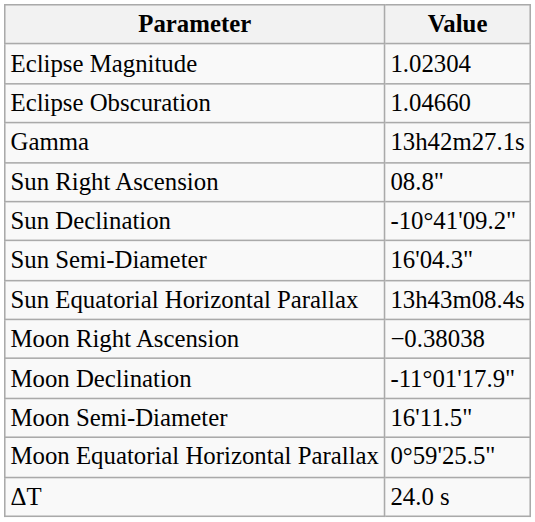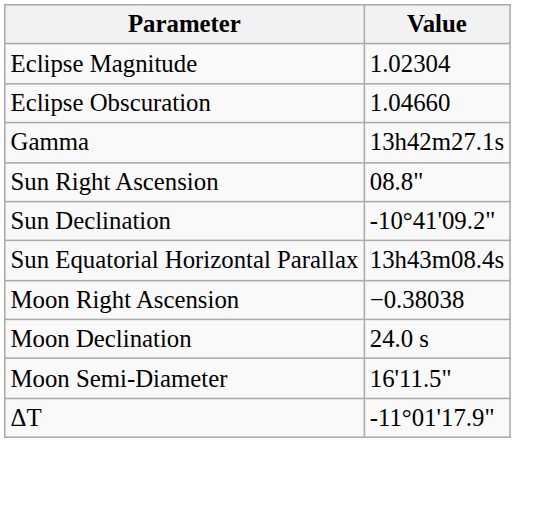 <table class="wikitable">
 <tr>
 <th>Parameter</th>
 <th>Value</th>
 </tr>
 <tr>
 <td>Eclipse Magnitude</td>
 <td>1.02304</td>
 </tr>
 <tr>
 <td>Eclipse Obscuration</td>
 <td>1.04660</td>
 </tr>
 <tr>
 <td>Gamma</td>
 <td>13h42m27.1s</td>
 </tr>
 <tr>
 <td>Sun Right Ascension</td>
 <td>08.8"</td>
 </tr>
 <tr>
 <td>Sun Declination</td>
 <td>-10°41'09.2"</td>
 </tr>
 <tr>
-<td>Sun Semi-Diameter</td>
-<td>16'04.3"</td>
-</tr>
-<tr>
 <td>Sun Equatorial Horizontal Parallax</td>
 <td>13h43m08.4s</td>
 </tr>
 <tr>
 <td>Moon Right Ascension</td>
 <td>−0.38038</td>
 </tr>
 <tr>
 <td>Moon Declination</td>
-<td>-11°01'17.9"</td>
+<td>24.0 s</td>
 </tr>
 <tr>
 <td>Moon Semi-Diameter</td>
 <td>16'11.5"</td>
 </tr>
 <tr>
-<td>Moon Equatorial Horizontal Parallax</td>
-<td>0°59'25.5"</td>
-</tr>
-<tr>
 <td>ΔT</td>
-<td>24.0 s</td>
+<td>-11°01'17.9"</td>
 </tr>
 </table>
